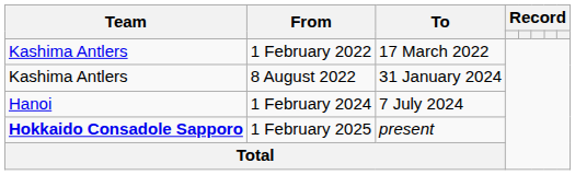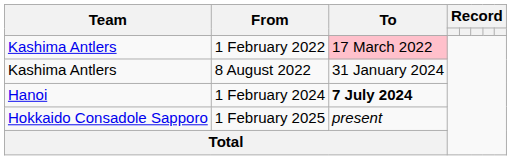 <table class="wikitable" style="text-align:center">
 <tr>
 <th rowspan="2">Team</th>
 <th rowspan="2">From</th>
 <th rowspan="2">To</th>
 <th colspan="8">Record</th>
 </tr>
 <tr>
 <th></th>
 <th></th>
 <th></th>
 <th></th>
 <th></th>
 </tr>
 <tr>
 <td align="left"><a href='#'>Kashima Antlers</a></td>
 <td align=left>1 February 2022</td>
-<td align=left>17 March 2022<br></td>
+<td align=left style="background: pink;">17 March 2022<br></td>
 </tr>
 <tr>
 <td align="left">Kashima Antlers</td>
 <td align=left>8 August 2022</td>
 <td align=left>31 January 2024<br></td>
 </tr>
 <tr>
 <td align="left"><a href='#'>Hanoi</a></td>
 <td align=left>1 February 2024</td>
-<td align=left>7 July 2024<br></td>
+<td align=left><strong>7 July 2024<br></strong></td>
 </tr>
 <tr>
-<td align="left"><strong><a href='#'>Hokkaido Consadole Sapporo</a></strong></td>
+<td align="left"><a href='#'>Hokkaido Consadole Sapporo</a></td>
 <td align=left>1 February 2025</td>
 <td align=left><em>present</em><br></td>
 </tr>
 <tr>
 <th colspan=3>Total<br></th>
 </tr>
 </table>
